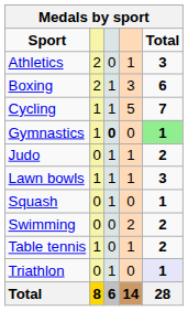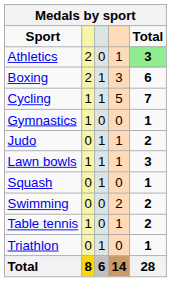 <table class="wikitable" style="text-align:center;font-size:90%">
 <tr style="background:#efefef;">
 <th colspan=7>Medals by sport</th>
 </tr>
 <tr>
 <td><strong>Sport</strong></td>
 <td bgcolor=#f7f6a8></td>
 <td bgcolor=#dce5e5></td>
 <td bgcolor=#ffdab9></td>
 <td><strong>Total</strong></td>
 </tr>
 <tr>
 <td style="text-align:left;"><a href='#'>Athletics</a></td>
 <td style="background:#F7F6A8;">2</td>
 <td style="background:#DCE5E5;">0</td>
 <td style="background:#FFDAB9;">1</td>
-<td><strong>3</strong></td>
+<td style="background: lightgreen;"><strong>3</strong></td>
 </tr>
 <tr>
 <td style="text-align:left;"><a href='#'>Boxing</a></td>
 <td style="background:#F7F6A8;">2</td>
 <td style="background:#DCE5E5;">1</td>
 <td style="background:#FFDAB9;">3</td>
 <td><strong>6</strong></td>
 </tr>
 <tr>
 <td style="text-align:left;"><a href='#'>Cycling</a></td>
 <td style="background:#F7F6A8;">1</td>
 <td style="background:#DCE5E5;">1</td>
 <td style="background:#FFDAB9;">5</td>
 <td><strong>7</strong></td>
 </tr>
 <tr>
 <td style="text-align:left;"><a href='#'>Gymnastics</a></td>
 <td style="background:#F7F6A8;">1</td>
-<td style="background:#DCE5E5;"><strong>0</strong></td>
+<td style="background:#DCE5E5;">0</td>
 <td style="background:#FFDAB9;">0</td>
-<td style="background: lightgreen;"><strong>1</strong></td>
+<td><strong>1</strong></td>
 </tr>
 <tr>
 <td style="text-align:left;"><a href='#'>Judo</a></td>
 <td style="background:#F7F6A8;">0</td>
 <td style="background:#DCE5E5;">1</td>
 <td style="background:#FFDAB9;">1</td>
 <td><strong>2</strong></td>
 </tr>
 <tr>
 <td style="text-align:left;"><a href='#'>Lawn bowls</a></td>
 <td style="background:#F7F6A8;">1</td>
 <td style="background:#DCE5E5;">1</td>
 <td style="background:#FFDAB9;">1</td>
 <td><strong>3</strong></td>
 </tr>
 <tr>
 <td style="text-align:left;"><a href='#'>Squash</a></td>
 <td style="background:#F7F6A8;">0</td>
 <td style="background:#DCE5E5;">1</td>
 <td style="background:#FFDAB9;">0</td>
 <td><strong>1</strong></td>
 </tr>
 <tr>
 <td style="text-align:left;"><a href='#'>Swimming</a></td>
 <td style="background:#F7F6A8;">0</td>
 <td style="background:#DCE5E5;">0</td>
 <td style="background:#FFDAB9;">2</td>
 <td><strong>2</strong></td>
 </tr>
 <tr>
 <td style="text-align:left;"><a href='#'>Table tennis</a></td>
 <td style="background:#F7F6A8;">1</td>
 <td style="background:#DCE5E5;">0</td>
 <td style="background:#FFDAB9;">1</td>
 <td><strong>2</strong></td>
 </tr>
 <tr>
 <td style="text-align:left;"><a href='#'>Triathlon</a></td>
 <td style="background:#F7F6A8;">0</td>
 <td style="background:#DCE5E5;">1</td>
 <td style="background:#FFDAB9;">0</td>
-<td style="background: lavender;"><strong>1</strong></td>
+<td><strong>1</strong></td>
 </tr>
 <tr>
 <th style="text-align:left;">Total</th>
 <th style="background:gold;">8</th>
 <th style="background:silver;">6</th>
 <th style="background:#c96;">14</th>
 <th>28</th>
 </tr>
 </table>
